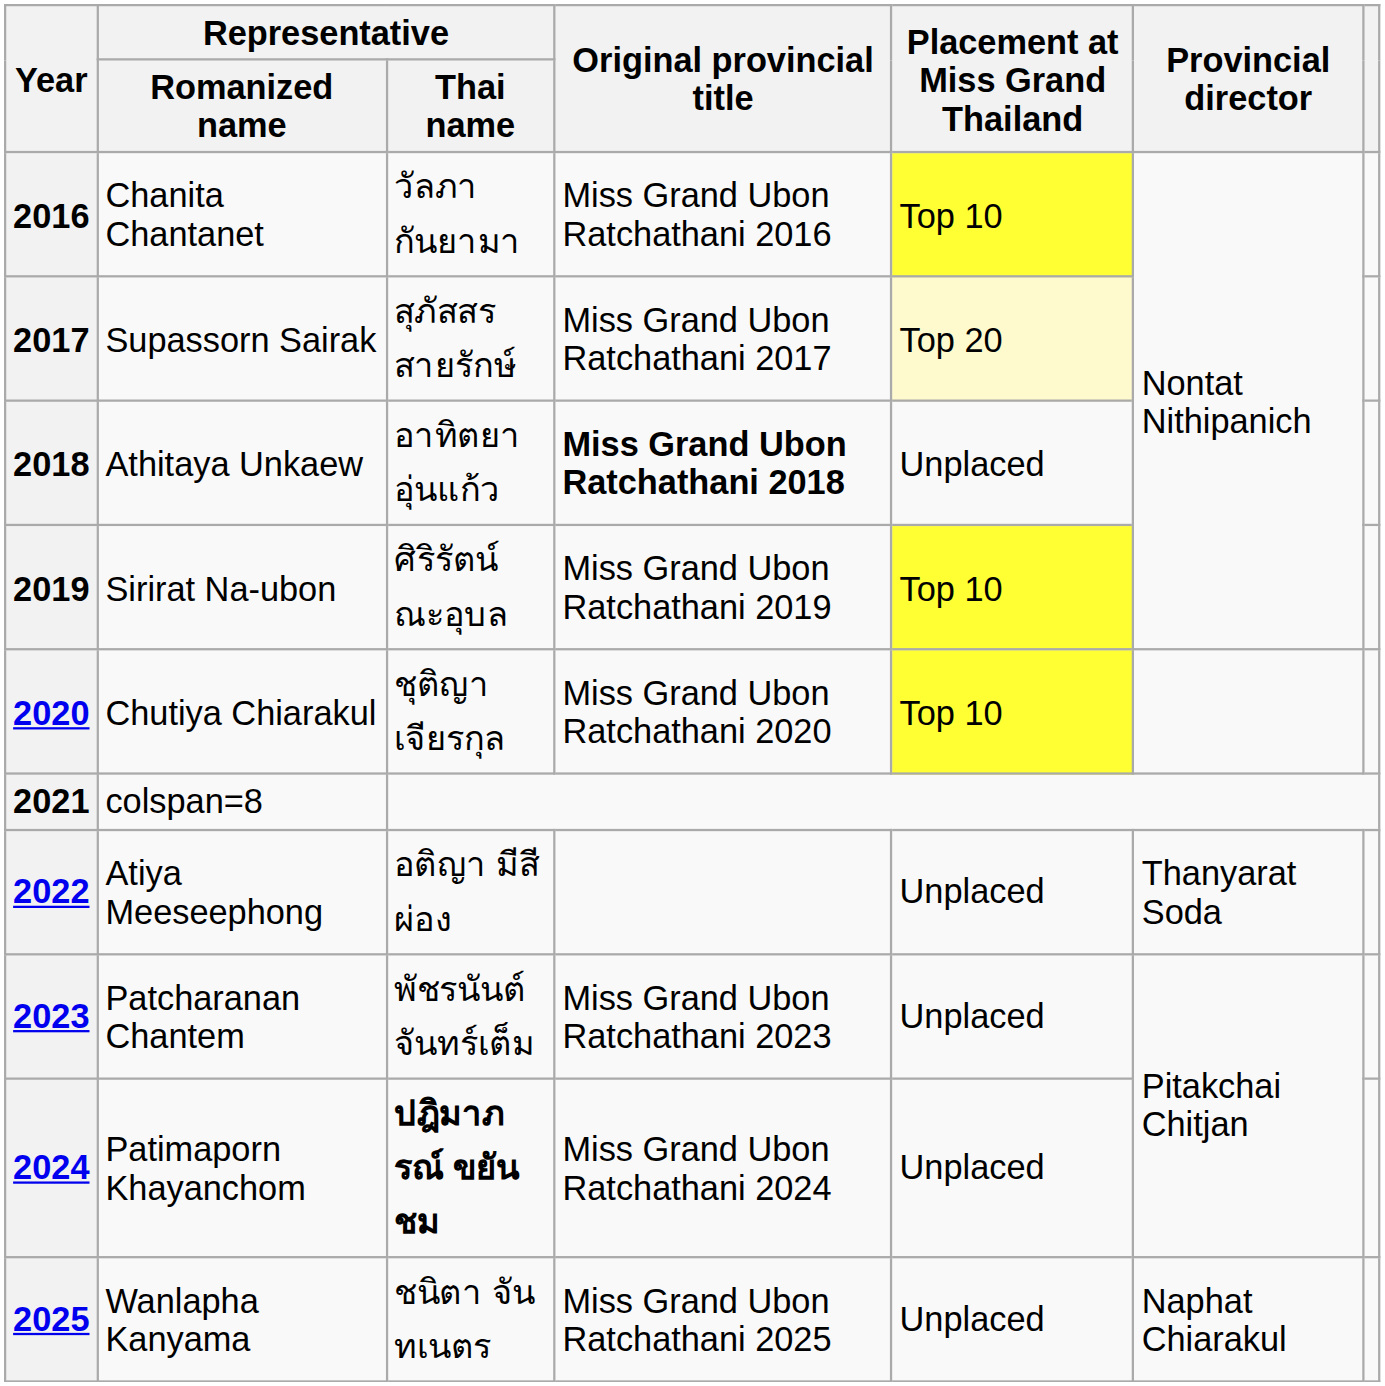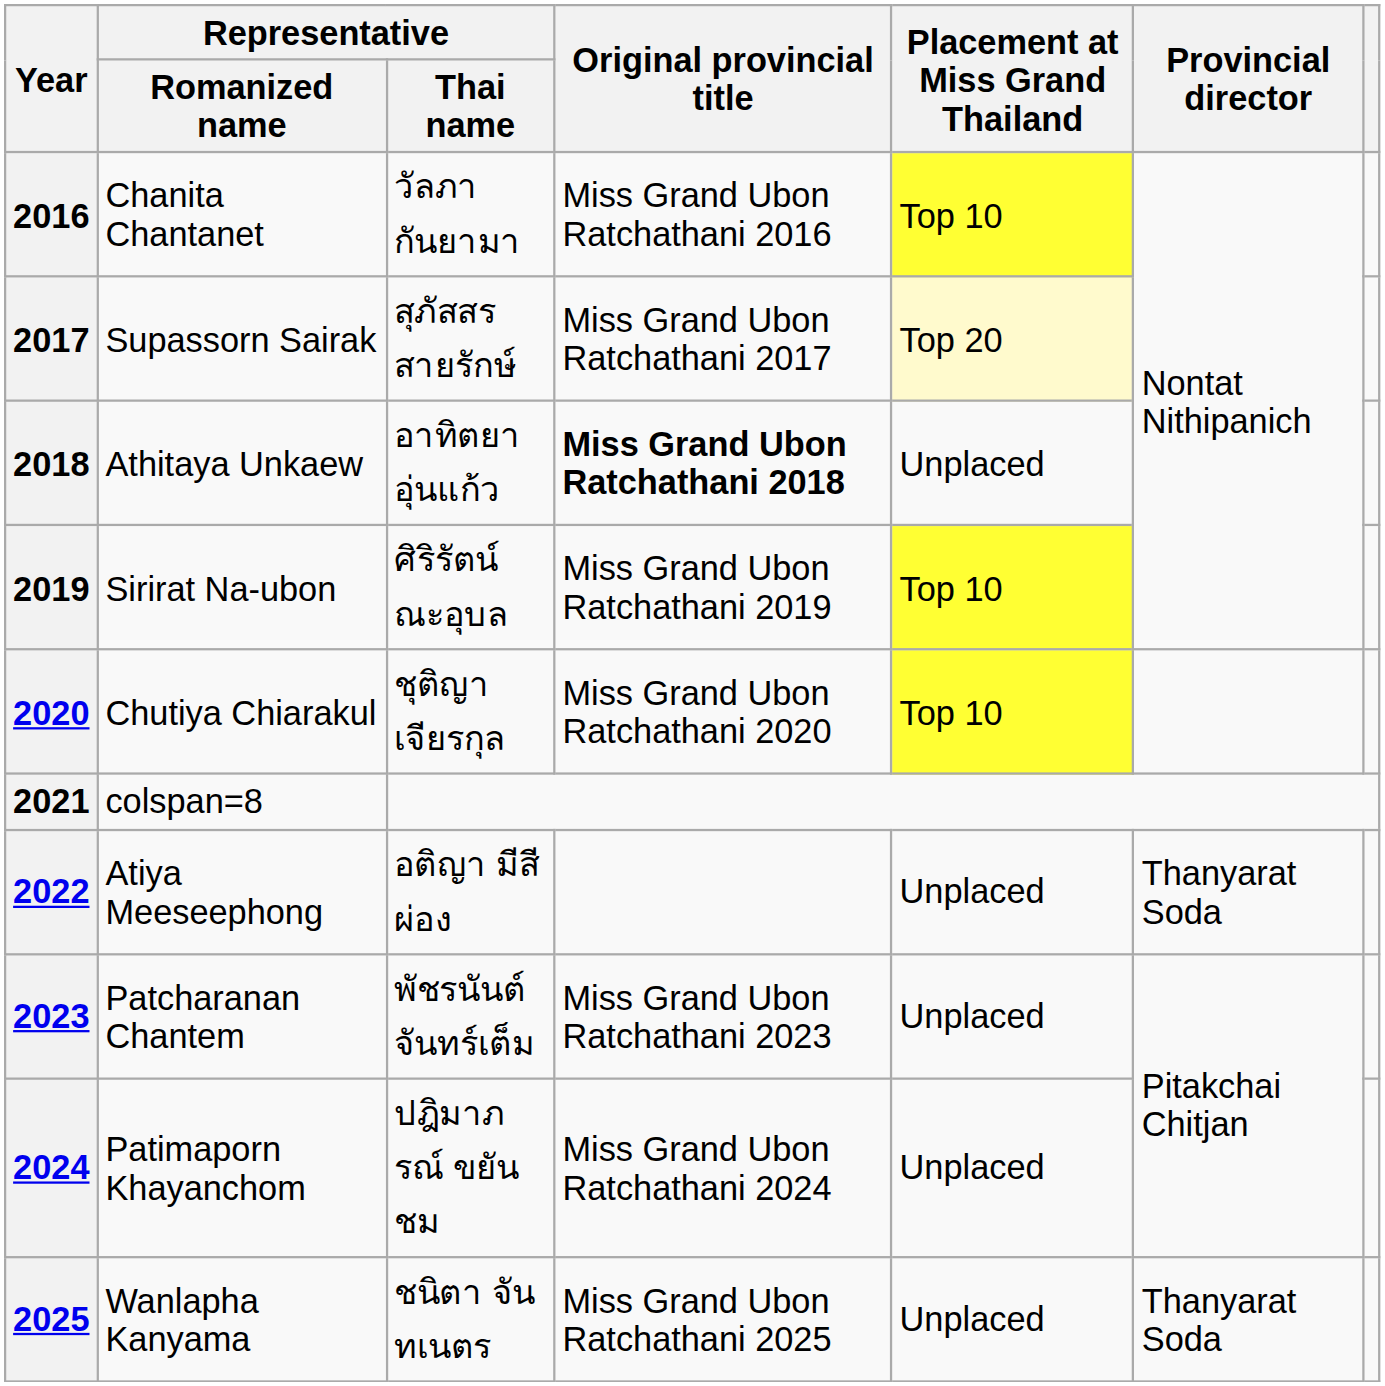 <table class="wikitable defaultcenter col2left col3left col6left" style="font-size:95%;">
 <tr>
 <th rowspan=2>Year</th>
 <th colspan=2>Representative</th>
 <th rowspan=2>Original provincial title</th>
 <th rowspan=2>Placement at<br>Miss Grand Thailand</th>
 <th rowspan=2>Provincial director</th>
 <th rowspan=2></th>
 </tr>
 <tr>
 <th>Romanized name</th>
 <th>Thai name</th>
 </tr>
 <tr>
 <th>2016</th>
 <td>Chanita Chantanet</td>
 <td>วัลภา กันยามา</td>
 <td>Miss Grand Ubon Ratchathani 2016</td>
 <td bgcolor=#FFFF33>Top 10</td>
 <td rowspan=4>Nontat Nithipanich<br></td>
 <td></td>
 </tr>
 <tr>
 <th>2017</th>
 <td>Supassorn Sairak</td>
 <td>สุภัสสร สายรักษ์</td>
 <td>Miss Grand Ubon Ratchathani 2017</td>
 <td bgcolor=#FFFACD>Top 20</td>
 <td></td>
 </tr>
 <tr>
 <th>2018</th>
 <td>Athitaya Unkaew</td>
 <td>อาทิตยา อุ่นแก้ว</td>
 <td><strong>Miss Grand Ubon Ratchathani 2018</strong></td>
 <td>Unplaced</td>
 <td></td>
 </tr>
 <tr>
 <th>2019</th>
 <td>Sirirat Na-ubon</td>
 <td>ศิริรัตน์ ณะอุบล</td>
 <td>Miss Grand Ubon Ratchathani 2019</td>
 <td bgcolor=#FFFF33>Top 10</td>
 <td></td>
 </tr>
 <tr>
 <th><a href='#'>2020</a></th>
 <td>Chutiya Chiarakul</td>
 <td>ชุติญา เจียรกุล</td>
 <td>Miss Grand Ubon Ratchathani 2020</td>
 <td bgcolor=#FFFF33>Top 10</td>
 <td></td>
 <td></td>
 </tr>
 <tr>
 <th>2021</th>
 <td>colspan=8 </td>
 </tr>
 <tr>
 <th><a href='#'>2022</a></th>
 <td>Atiya Meeseephong</td>
 <td>อติญา มีสีผ่อง</td>
 <td></td>
 <td>Unplaced</td>
 <td>Thanyarat Soda</td>
 <td></td>
 </tr>
 <tr>
 <th><a href='#'>2023</a></th>
 <td>Patcharanan Chantem</td>
 <td>พัชรนันต์ จันทร์เต็ม</td>
 <td>Miss Grand Ubon Ratchathani 2023</td>
 <td>Unplaced</td>
 <td rowspan=2>Pitakchai Chitjan</td>
 <td></td>
 </tr>
 <tr>
 <th><a href='#'>2024</a></th>
 <td>Patimaporn Khayanchom</td>
-<td><strong>ปฎิมาภรณ์ ขยันชม</strong></td>
+<td>ปฎิมาภรณ์ ขยันชม</td>
 <td>Miss Grand Ubon Ratchathani 2024</td>
 <td>Unplaced</td>
 <td></td>
 </tr>
 <tr>
 <th><a href='#'>2025</a></th>
 <td>Wanlapha Kanyama</td>
 <td>ชนิตา จันทเนตร</td>
 <td>Miss Grand Ubon Ratchathani 2025</td>
 <td>Unplaced</td>
-<td>Naphat Chiarakul</td>
+<td>Thanyarat Soda</td>
 <td></td>
 </tr>
 </table>
